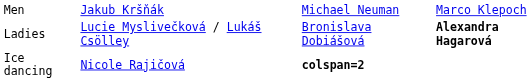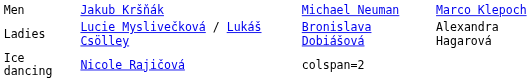 <table>
 <tr>
 <td>Men</td>
 <td><a href='#'>Jakub Kršňák</a></td>
 <td><a href='#'>Michael Neuman</a></td>
 <td><a href='#'>Marco Klepoch</a></td>
 </tr>
 <tr>
 <td>Ladies</td>
 <td><a href='#'>Lucie Myslivečková</a> / <a href='#'>Lukáš Csölley</a></td>
 <td><a href='#'>Bronislava Dobiášová</a></td>
-<td><strong>Alexandra Hagarová</strong></td>
+<td>Alexandra Hagarová</td>
 </tr>
 <tr>
 <td>Ice dancing</td>
 <td><a href='#'>Nicole Rajičová</a></td>
-<td><strong>colspan=2 </strong></td>
+<td>colspan=2 </td>
 </tr>
 </table>
